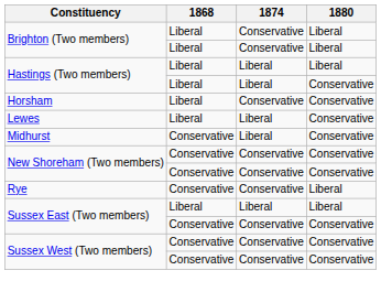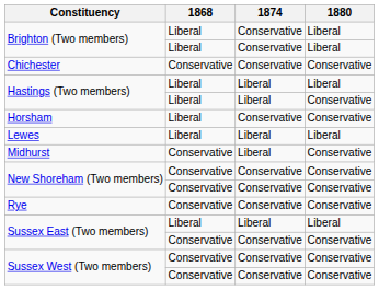 <table class="wikitable">
 <tr>
 <th>Constituency</th>
 <th>1868</th>
 <th>1874</th>
 <th>1880</th>
 </tr>
 <tr>
 <td rowspan="2"><a href='#'>Brighton</a> (Two members)</td>
 <td>Liberal</td>
 <td>Conservative</td>
 <td>Liberal</td>
 </tr>
 <tr>
 <td>Liberal</td>
 <td>Conservative</td>
 <td>Liberal</td>
+</tr>
+<tr>
+<td><a href='#'>Chichester</a></td>
+<td>Conservative</td>
+<td>Conservative</td>
+<td>Conservative</td>
 </tr>
 <tr>
 <td rowspan="2"><a href='#'>Hastings</a> (Two members)</td>
 <td>Liberal</td>
 <td>Liberal</td>
 <td>Liberal</td>
 </tr>
 <tr>
 <td>Liberal</td>
 <td>Liberal</td>
 <td>Conservative</td>
 </tr>
 <tr>
 <td><a href='#'>Horsham</a></td>
 <td>Liberal</td>
 <td>Conservative</td>
 <td>Conservative</td>
 </tr>
 <tr>
 <td><a href='#'>Lewes</a></td>
 <td>Liberal</td>
 <td>Liberal</td>
-<td>Conservative</td>
+<td>Liberal</td>
 </tr>
 <tr>
 <td><a href='#'>Midhurst</a></td>
 <td>Conservative</td>
 <td>Liberal</td>
 <td>Conservative</td>
 </tr>
 <tr>
 <td rowspan="2"><a href='#'>New Shoreham</a> (Two members)</td>
 <td>Conservative</td>
 <td>Conservative</td>
 <td>Conservative</td>
 </tr>
 <tr>
 <td>Conservative</td>
 <td>Conservative</td>
 <td>Conservative</td>
 </tr>
 <tr>
 <td><a href='#'>Rye</a></td>
 <td>Conservative</td>
 <td>Conservative</td>
-<td>Liberal</td>
+<td>Conservative</td>
 </tr>
 <tr>
 <td rowspan="2"><a href='#'>Sussex East</a> (Two members)</td>
 <td>Liberal</td>
 <td>Liberal</td>
 <td>Liberal</td>
 </tr>
 <tr>
 <td>Conservative</td>
 <td>Conservative</td>
 <td>Conservative</td>
 </tr>
 <tr>
 <td rowspan="2"><a href='#'>Sussex West</a> (Two members)</td>
 <td>Conservative</td>
 <td>Conservative</td>
 <td>Conservative</td>
 </tr>
 <tr>
 <td>Conservative</td>
 <td>Conservative</td>
 <td>Conservative</td>
 </tr>
 </table>
